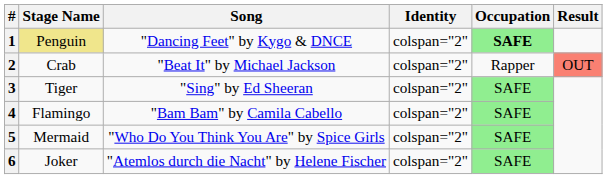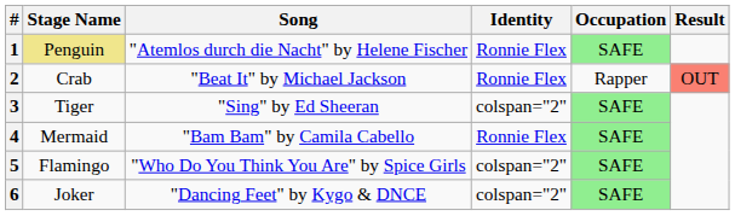 <table class="wikitable plainrowheaders" style="text-align: center;">
 <tr>
 <th><strong>#</strong></th>
 <th><strong>Stage Name</strong></th>
 <th><strong>Song</strong></th>
 <th>Identity</th>
 <th><strong>Occupation</strong></th>
 <th>Result</th>
 </tr>
 <tr>
 <th>1</th>
 <td style="background: khaki;">Penguin</td>
-<td>"<a href='#'>Dancing Feet</a>" by <a href='#'>Kygo</a> & <a href='#'>DNCE</a></td>
-<td>colspan="2" </td>
-<td bgcolor="lightgreen"><strong>SAFE</strong></td>
+<td>"<a href='#'>Atemlos durch die Nacht</a>" by <a href='#'>Helene Fischer</a></td>
+<td><a href='#'>Ronnie Flex</a></td>
+<td bgcolor="lightgreen">SAFE</td>
 </tr>
 <tr>
 <th>2</th>
 <td>Crab</td>
 <td>"<a href='#'>Beat It</a>" by <a href='#'>Michael Jackson</a></td>
-<td>colspan="2" </td>
+<td><a href='#'>Ronnie Flex</a></td>
 <td>Rapper</td>
 <td bgcolor="salmon">OUT</td>
 </tr>
 <tr>
 <th>3</th>
 <td>Tiger</td>
 <td>"<a href='#'>Sing</a>" by <a href='#'>Ed Sheeran</a></td>
 <td>colspan="2" </td>
 <td bgcolor="lightgreen">SAFE</td>
 </tr>
 <tr>
 <th>4</th>
-<td>Flamingo</td>
+<td>Mermaid</td>
 <td>"<a href='#'>Bam Bam</a>" by <a href='#'>Camila Cabello</a></td>
-<td>colspan="2" </td>
+<td><a href='#'>Ronnie Flex</a></td>
 <td bgcolor="lightgreen">SAFE</td>
 </tr>
 <tr>
 <th>5</th>
-<td>Mermaid</td>
+<td>Flamingo</td>
 <td>"<a href='#'>Who Do You Think You Are</a>" by <a href='#'>Spice Girls</a></td>
 <td>colspan="2" </td>
 <td bgcolor="lightgreen">SAFE</td>
 </tr>
 <tr>
 <th>6</th>
 <td>Joker</td>
-<td>"<a href='#'>Atemlos durch die Nacht</a>" by <a href='#'>Helene Fischer</a></td>
+<td>"<a href='#'>Dancing Feet</a>" by <a href='#'>Kygo</a> & <a href='#'>DNCE</a></td>
 <td>colspan="2" </td>
 <td bgcolor="lightgreen">SAFE</td>
 </tr>
 </table>
